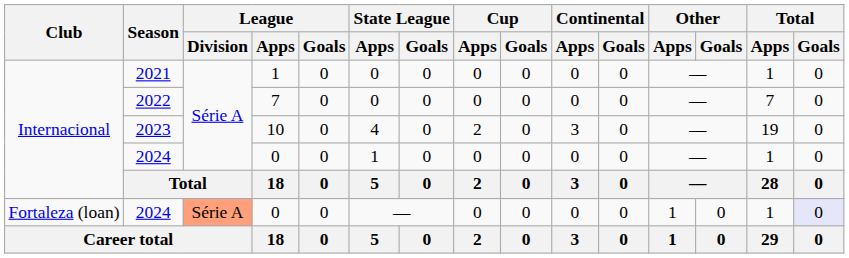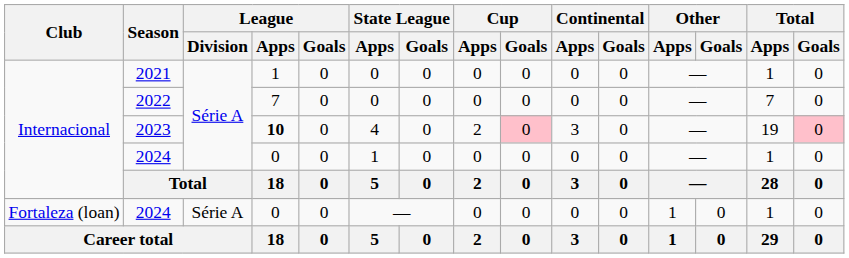 <table class="wikitable" style="text-align: center">
 <tr>
 <th rowspan="2">Club</th>
 <th rowspan="2">Season</th>
 <th colspan="3">League</th>
 <th colspan="2">State League</th>
 <th colspan="2">Cup</th>
 <th colspan="2">Continental</th>
 <th colspan="2">Other</th>
 <th colspan="2">Total</th>
 </tr>
 <tr>
 <th>Division</th>
 <th>Apps</th>
 <th>Goals</th>
 <th>Apps</th>
 <th>Goals</th>
 <th>Apps</th>
 <th>Goals</th>
 <th>Apps</th>
 <th>Goals</th>
 <th>Apps</th>
 <th>Goals</th>
 <th>Apps</th>
 <th>Goals</th>
 </tr>
 <tr>
 <td rowspan="5"><a href='#'>Internacional</a></td>
 <td><a href='#'>2021</a></td>
 <td rowspan="4"><a href='#'>Série A</a></td>
 <td>1</td>
 <td>0</td>
 <td>0</td>
 <td>0</td>
 <td>0</td>
 <td>0</td>
 <td>0</td>
 <td>0</td>
 <td colspan="2">—</td>
 <td>1</td>
 <td>0</td>
 </tr>
 <tr>
 <td><a href='#'>2022</a></td>
 <td>7</td>
 <td>0</td>
 <td>0</td>
 <td>0</td>
 <td>0</td>
 <td>0</td>
 <td>0</td>
 <td>0</td>
 <td colspan="2">—</td>
 <td>7</td>
 <td>0</td>
 </tr>
 <tr>
 <td><a href='#'>2023</a></td>
-<td>10</td>
+<td><strong>10</strong></td>
 <td>0</td>
 <td>4</td>
 <td>0</td>
 <td>2</td>
-<td>0</td>
+<td style="background: pink;">0</td>
 <td>3</td>
 <td>0</td>
 <td colspan="2">—</td>
 <td>19</td>
-<td>0</td>
+<td style="background: pink;">0</td>
 </tr>
 <tr>
 <td><a href='#'>2024</a></td>
 <td>0</td>
 <td>0</td>
 <td>1</td>
 <td>0</td>
 <td>0</td>
 <td>0</td>
 <td>0</td>
 <td>0</td>
 <td colspan="2">—</td>
 <td>1</td>
 <td>0</td>
 </tr>
 <tr>
 <th colspan="2">Total</th>
 <th>18</th>
 <th>0</th>
 <th>5</th>
 <th>0</th>
 <th>2</th>
 <th>0</th>
 <th>3</th>
 <th>0</th>
 <th colspan="2">—</th>
 <th>28</th>
 <th>0</th>
 </tr>
 <tr>
 <td><a href='#'>Fortaleza</a> (loan)</td>
 <td><a href='#'>2024</a></td>
-<td style="background: lightsalmon;">Série A</td>
+<td>Série A</td>
 <td>0</td>
 <td>0</td>
 <td colspan="2">—</td>
 <td>0</td>
 <td>0</td>
 <td>0</td>
 <td>0</td>
 <td>1</td>
 <td>0</td>
 <td>1</td>
-<td style="background: lavender;">0</td>
+<td>0</td>
 </tr>
 <tr>
 <th colspan="3"><strong>Career total</strong></th>
 <th>18</th>
 <th>0</th>
 <th>5</th>
 <th>0</th>
 <th>2</th>
 <th>0</th>
 <th>3</th>
 <th>0</th>
 <th>1</th>
 <th>0</th>
 <th>29</th>
 <th>0</th>
 </tr>
 </table>
